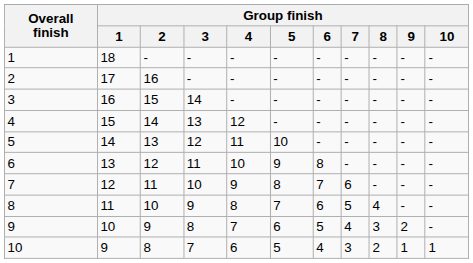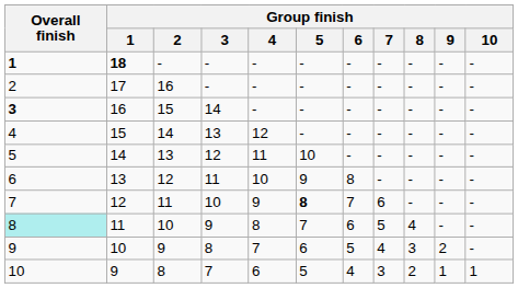 <table class="wikitable" width="100%" align=center style="font-size:90%; max-width: 500px;">
 <tr>
 </tr>
 <tr style="background:#efefef;">
 <th rowspan=2 width=20%>Overall<br>finish</th>
 <th colspan=10>Group finish</th>
 </tr>
 <tr>
 <th>1</th>
 <th>2</th>
 <th>3</th>
 <th>4</th>
 <th>5</th>
 <th>6</th>
 <th>7</th>
 <th>8</th>
 <th>9</th>
 <th>10</th>
 </tr>
 <tr>
-<td>1</td>
-<td>18</td>
+<td><strong>1</strong></td>
+<td><strong>18</strong></td>
 <td>-</td>
 <td>-</td>
 <td>-</td>
 <td>-</td>
 <td>-</td>
 <td>-</td>
 <td>-</td>
 <td>-</td>
 <td>-</td>
 </tr>
 <tr>
 <td>2</td>
 <td>17</td>
 <td>16</td>
 <td>-</td>
 <td>-</td>
 <td>-</td>
 <td>-</td>
 <td>-</td>
 <td>-</td>
 <td>-</td>
 <td>-</td>
 </tr>
 <tr>
-<td>3</td>
+<td><strong>3</strong></td>
 <td>16</td>
 <td>15</td>
 <td>14</td>
 <td>-</td>
 <td>-</td>
 <td>-</td>
 <td>-</td>
 <td>-</td>
 <td>-</td>
 <td>-</td>
 </tr>
 <tr>
 <td>4</td>
 <td>15</td>
 <td>14</td>
 <td>13</td>
 <td>12</td>
 <td>-</td>
 <td>-</td>
 <td>-</td>
 <td>-</td>
 <td>-</td>
 <td>-</td>
 </tr>
 <tr>
 <td>5</td>
 <td>14</td>
 <td>13</td>
 <td>12</td>
 <td>11</td>
 <td>10</td>
 <td>-</td>
 <td>-</td>
 <td>-</td>
 <td>-</td>
 <td>-</td>
 </tr>
 <tr>
 <td>6</td>
 <td>13</td>
 <td>12</td>
 <td>11</td>
 <td>10</td>
 <td>9</td>
 <td>8</td>
 <td>-</td>
 <td>-</td>
 <td>-</td>
 <td>-</td>
 </tr>
 <tr>
 <td>7</td>
 <td>12</td>
 <td>11</td>
 <td>10</td>
 <td>9</td>
-<td>8</td>
+<td><strong>8</strong></td>
 <td>7</td>
 <td>6</td>
 <td>-</td>
 <td>-</td>
 <td>-</td>
 </tr>
 <tr>
-<td>8</td>
+<td style="background: paleturquoise;">8</td>
 <td>11</td>
 <td>10</td>
 <td>9</td>
 <td>8</td>
 <td>7</td>
 <td>6</td>
 <td>5</td>
 <td>4</td>
 <td>-</td>
 <td>-</td>
 </tr>
 <tr>
 <td>9</td>
 <td>10</td>
 <td>9</td>
 <td>8</td>
 <td>7</td>
 <td>6</td>
 <td>5</td>
 <td>4</td>
 <td>3</td>
 <td>2</td>
 <td>-</td>
 </tr>
 <tr>
 <td>10</td>
 <td>9</td>
 <td>8</td>
 <td>7</td>
 <td>6</td>
 <td>5</td>
 <td>4</td>
 <td>3</td>
 <td>2</td>
 <td>1</td>
 <td>1</td>
 </tr>
 </table>
